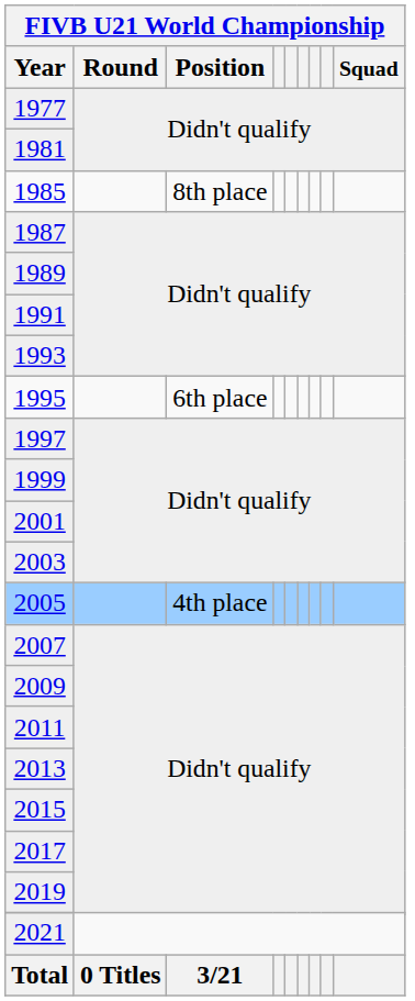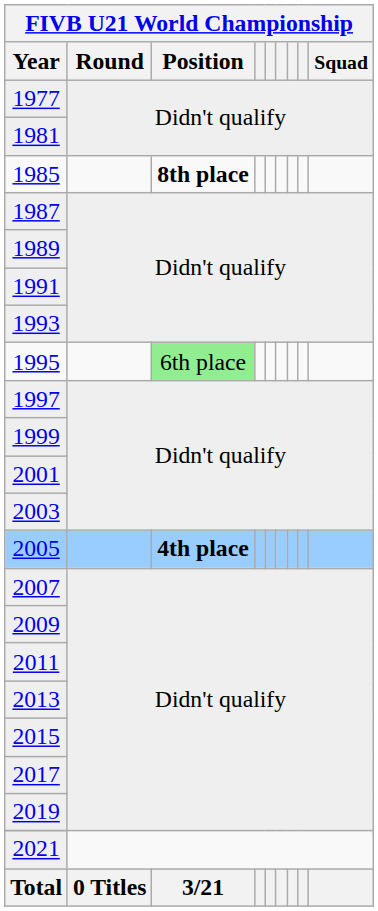 <table class="wikitable" style="text-align: center;">
 <tr>
 <th colspan=9><a href='#'>FIVB U21 World Championship</a></th>
 </tr>
 <tr>
 <th>Year</th>
 <th>Round</th>
 <th>Position</th>
 <th></th>
 <th></th>
 <th></th>
 <th></th>
 <th></th>
 <th><small>Squad</small></th>
 </tr>
 <tr bgcolor="efefef">
 <td> <a href='#'>1977</a></td>
 <td colspan=9 rowspan=2>Didn't qualify</td>
 </tr>
 <tr bgcolor="efefef">
 <td> <a href='#'>1981</a></td>
 </tr>
 <tr>
 <td> <a href='#'>1985</a></td>
 <td></td>
-<td>8th place</td>
+<td><strong>8th place</strong></td>
 <td></td>
 <td></td>
 <td></td>
 <td></td>
 <td></td>
 <td></td>
 </tr>
 <tr bgcolor="efefef">
 <td> <a href='#'>1987</a></td>
 <td colspan=9 rowspan=4>Didn't qualify</td>
 </tr>
 <tr bgcolor="efefef">
 <td> <a href='#'>1989</a></td>
 </tr>
 <tr bgcolor="efefef">
 <td> <a href='#'>1991</a></td>
 </tr>
 <tr bgcolor="efefef">
 <td> <a href='#'>1993</a></td>
 </tr>
 <tr>
 <td> <a href='#'>1995</a></td>
 <td></td>
-<td>6th place</td>
+<td style="background: lightgreen;">6th place</td>
 <td></td>
 <td></td>
 <td></td>
 <td></td>
 <td></td>
 <td></td>
 </tr>
 <tr bgcolor="efefef">
 <td> <a href='#'>1997</a></td>
 <td colspan=9 rowspan=4>Didn't qualify</td>
 </tr>
 <tr bgcolor="efefef">
 <td> <a href='#'>1999</a></td>
 </tr>
 <tr bgcolor="efefef">
 <td> <a href='#'>2001</a></td>
 </tr>
 <tr bgcolor="efefef">
 <td> <a href='#'>2003</a></td>
 </tr>
 <tr bgcolor=9acdff>
 <td> <a href='#'>2005</a></td>
 <td></td>
-<td>4th place</td>
+<td><strong>4th place</strong></td>
 <td></td>
 <td></td>
 <td></td>
 <td></td>
 <td></td>
 <td></td>
 </tr>
 <tr bgcolor="efefef">
 <td> <a href='#'>2007</a></td>
 <td colspan=9 rowspan=8>Didn't qualify</td>
 </tr>
 <tr bgcolor="efefef">
 <td> <a href='#'>2009</a></td>
 </tr>
 <tr bgcolor="efefef">
 <td> <a href='#'>2011</a></td>
 </tr>
 <tr bgcolor="efefef">
 <td> <a href='#'>2013</a></td>
 </tr>
 <tr bgcolor="efefef">
 <td> <a href='#'>2015</a></td>
 </tr>
 <tr bgcolor="efefef">
 <td> <a href='#'>2017</a></td>
 </tr>
 <tr bgcolor="efefef">
 <td> <a href='#'>2019</a></td>
 </tr>
 <tr>
 </tr>
 <tr bgcolor="efefef">
 <td>  <a href='#'>2021</a></td>
 </tr>
 <tr>
 <th>Total</th>
 <th>0 Titles</th>
 <th>3/21</th>
 <th></th>
 <th></th>
 <th></th>
 <th></th>
 <th></th>
 <th></th>
 </tr>
 </table>
